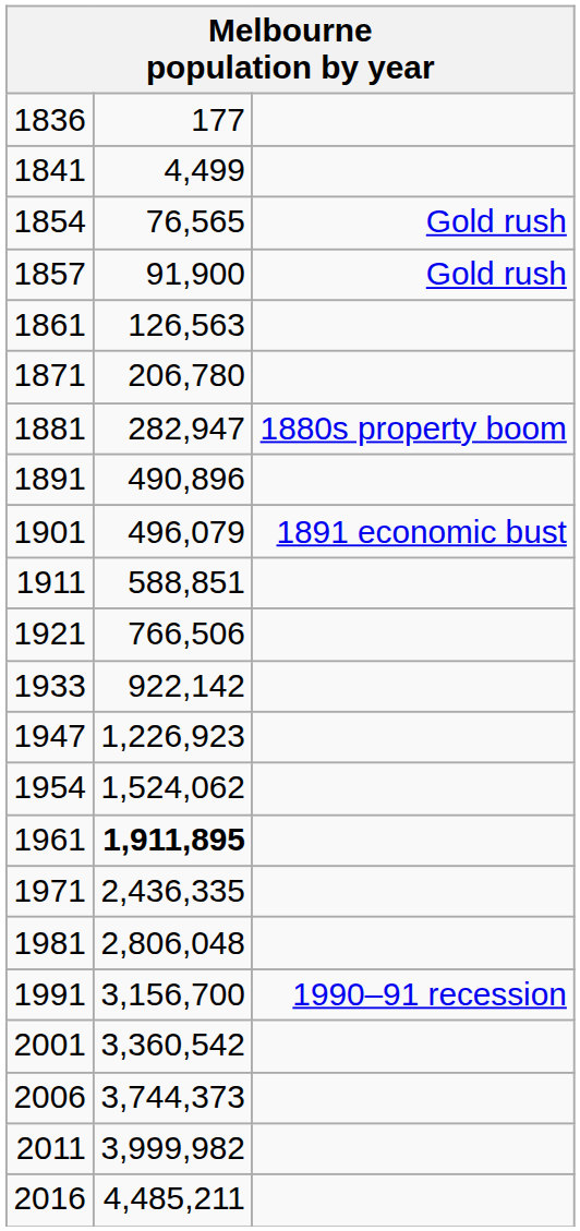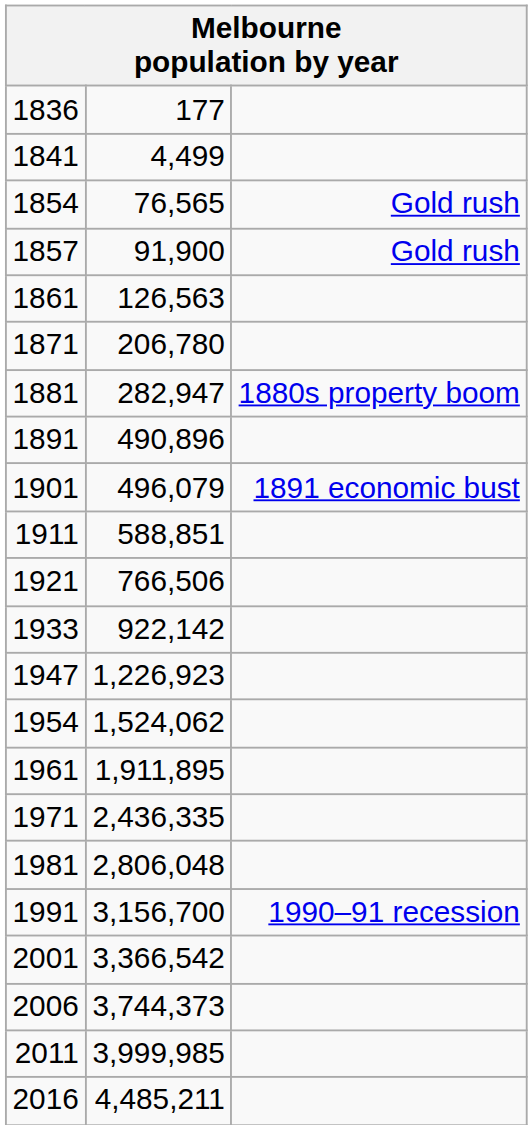 <table class="wikitable collapsible collapsed" style="float:right; clear:right; margin:10px; text-size:60%; text-align:right;">
 <tr>
 <th align=center colspan=3><strong>Melbourne<br>population by year</strong></th>
 </tr>
 <tr>
 <td>1836</td>
 <td>177</td>
 <td></td>
 </tr>
 <tr>
 <td>1841</td>
 <td>4,499</td>
 <td></td>
 </tr>
 <tr>
 <td>1854</td>
 <td>76,565</td>
 <td><a href='#'>Gold rush</a></td>
 </tr>
 <tr>
 <td>1857</td>
 <td>91,900</td>
 <td><a href='#'>Gold rush</a></td>
 </tr>
 <tr>
 <td>1861</td>
 <td>126,563</td>
 <td></td>
 </tr>
 <tr>
 <td>1871</td>
 <td>206,780</td>
 <td></td>
 </tr>
 <tr>
 <td>1881</td>
 <td>282,947</td>
 <td><a href='#'>1880s property boom</a></td>
 </tr>
 <tr>
 <td>1891</td>
 <td>490,896</td>
 <td></td>
 </tr>
 <tr>
 <td>1901</td>
 <td>496,079</td>
 <td><a href='#'>1891 economic bust</a></td>
 </tr>
 <tr>
 <td>1911</td>
 <td>588,851</td>
 <td></td>
 </tr>
 <tr>
 <td>1921</td>
 <td>766,506</td>
 <td></td>
 </tr>
 <tr>
 <td>1933</td>
 <td>922,142</td>
 <td></td>
 </tr>
 <tr>
 <td>1947</td>
 <td>1,226,923</td>
 <td></td>
 </tr>
 <tr>
 <td>1954</td>
 <td>1,524,062</td>
 <td></td>
 </tr>
 <tr>
 <td>1961</td>
-<td><strong>1,911,895</strong></td>
+<td>1,911,895</td>
 <td></td>
 </tr>
 <tr>
 <td>1971</td>
 <td>2,436,335</td>
 <td></td>
 </tr>
 <tr>
 <td>1981</td>
 <td>2,806,048</td>
 <td></td>
 </tr>
 <tr>
 <td>1991</td>
 <td>3,156,700</td>
 <td><a href='#'>1990–91 recession</a></td>
 </tr>
 <tr>
 <td>2001</td>
-<td>3,360,542</td>
+<td>3,366,542</td>
 <td></td>
 </tr>
 <tr>
 <td>2006</td>
 <td>3,744,373</td>
 <td></td>
 </tr>
 <tr>
 <td>2011</td>
-<td>3,999,982</td>
+<td>3,999,985</td>
 <td></td>
 </tr>
 <tr>
 <td>2016</td>
 <td>4,485,211</td>
 <td></td>
 </tr>
 </table>
